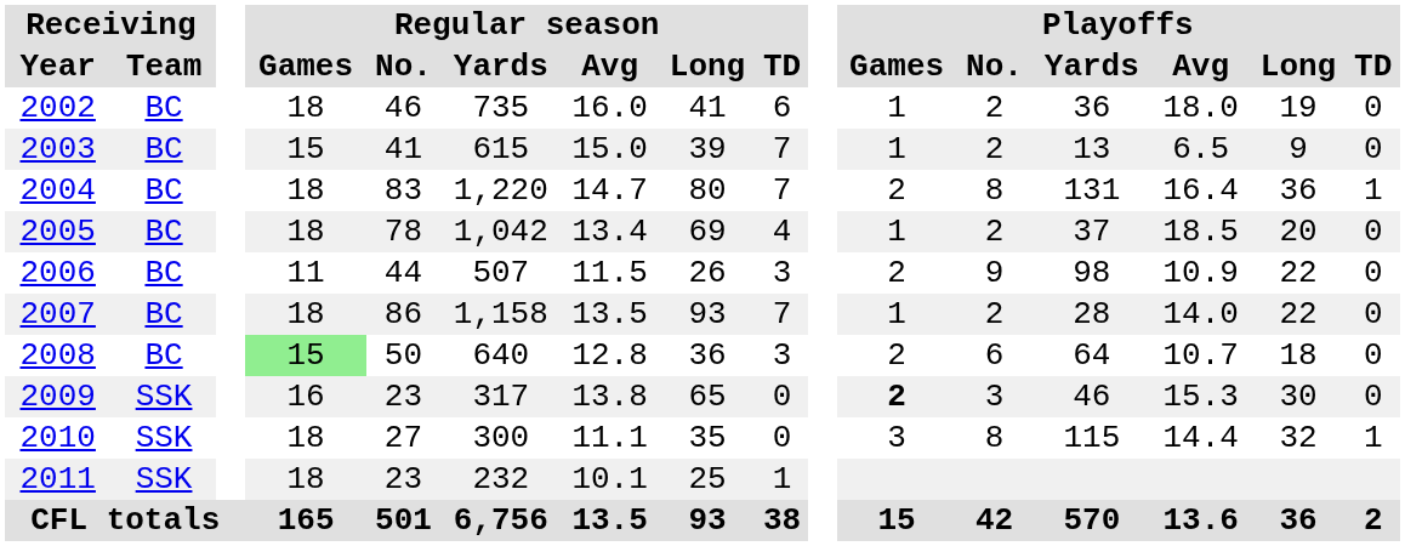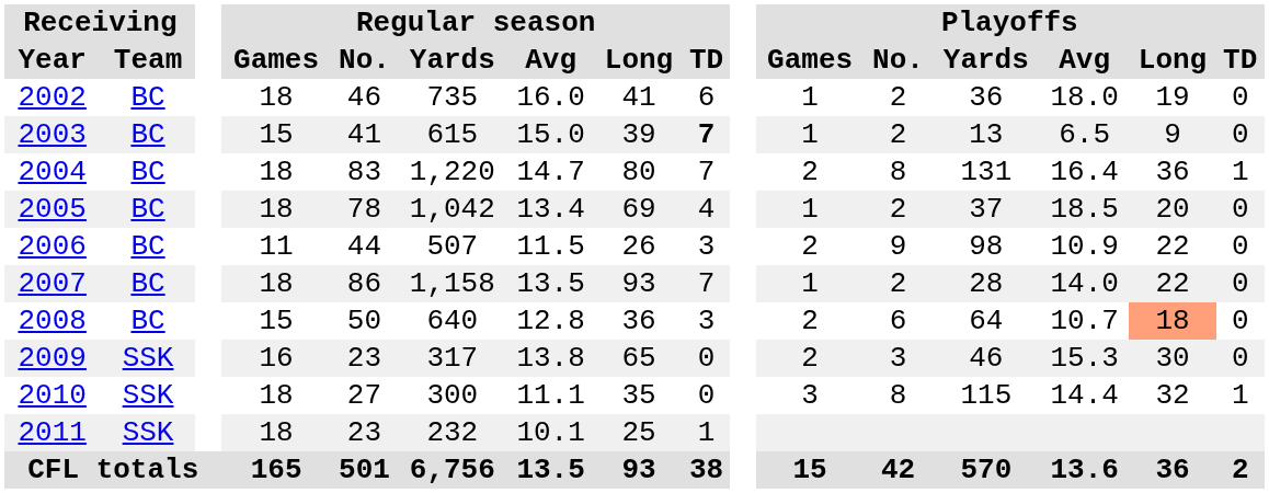 <table BORDER="0" CELLPADDING="1" CELLSPACING="0" width="65%" style="text-align:center">
 <tr bgcolor="#e0e0e0">
 <th colspan="2">Receiving</th>
 <th rowspan="99" bgcolor="#ffffff"> </th>
 <th colspan="6">Regular season</th>
 <th rowspan="99" bgcolor="#ffffff"> </th>
 <th colspan="6">Playoffs</th>
 </tr>
 <tr bgcolor="#e0e0e0">
 <th>Year</th>
 <th>Team</th>
 <th>Games</th>
 <th>No.</th>
 <th>Yards</th>
 <th>Avg</th>
 <th>Long</th>
 <th>TD</th>
 <th>Games</th>
 <th>No.</th>
 <th>Yards</th>
 <th>Avg</th>
 <th>Long</th>
 <th>TD</th>
 </tr>
 <tr ALIGN="center">
 <td><a href='#'>2002</a></td>
 <td><a href='#'>BC</a></td>
 <td>18</td>
 <td>46</td>
 <td>735</td>
 <td>16.0</td>
 <td>41</td>
 <td>6</td>
 <td>1</td>
 <td>2</td>
 <td>36</td>
 <td>18.0</td>
 <td>19</td>
 <td>0</td>
 </tr>
 <tr ALIGN="center" bgcolor="#f0f0f0">
 <td><a href='#'>2003</a></td>
 <td><a href='#'>BC</a></td>
 <td>15</td>
 <td>41</td>
 <td>615</td>
 <td>15.0</td>
 <td>39</td>
-<td>7</td>
+<td><strong>7</strong></td>
 <td>1</td>
 <td>2</td>
 <td>13</td>
 <td>6.5</td>
 <td>9</td>
 <td>0</td>
 </tr>
 <tr ALIGN="center">
 <td><a href='#'>2004</a></td>
 <td><a href='#'>BC</a></td>
 <td>18</td>
 <td>83</td>
 <td>1,220</td>
 <td>14.7</td>
 <td>80</td>
 <td>7</td>
 <td>2</td>
 <td>8</td>
 <td>131</td>
 <td>16.4</td>
 <td>36</td>
 <td>1</td>
 </tr>
 <tr ALIGN="center" bgcolor="#f0f0f0">
 <td><a href='#'>2005</a></td>
 <td><a href='#'>BC</a></td>
 <td>18</td>
 <td>78</td>
 <td>1,042</td>
 <td>13.4</td>
 <td>69</td>
 <td>4</td>
 <td>1</td>
 <td>2</td>
 <td>37</td>
 <td>18.5</td>
 <td>20</td>
 <td>0</td>
 </tr>
 <tr ALIGN="center">
 <td><a href='#'>2006</a></td>
 <td><a href='#'>BC</a></td>
 <td>11</td>
 <td>44</td>
 <td>507</td>
 <td>11.5</td>
 <td>26</td>
 <td>3</td>
 <td>2</td>
 <td>9</td>
 <td>98</td>
 <td>10.9</td>
 <td>22</td>
 <td>0</td>
 </tr>
 <tr ALIGN="center" bgcolor="#f0f0f0">
 <td><a href='#'>2007</a></td>
 <td><a href='#'>BC</a></td>
 <td>18</td>
 <td>86</td>
 <td>1,158</td>
 <td>13.5</td>
 <td>93</td>
 <td>7</td>
 <td>1</td>
 <td>2</td>
 <td>28</td>
 <td>14.0</td>
 <td>22</td>
 <td>0</td>
 </tr>
 <tr ALIGN="center">
 <td><a href='#'>2008</a></td>
 <td><a href='#'>BC</a></td>
-<td style="background: lightgreen;">15</td>
+<td>15</td>
 <td>50</td>
 <td>640</td>
 <td>12.8</td>
 <td>36</td>
 <td>3</td>
 <td>2</td>
 <td>6</td>
 <td>64</td>
 <td>10.7</td>
-<td>18</td>
+<td style="background: lightsalmon;">18</td>
 <td>0</td>
 </tr>
 <tr ALIGN="center" bgcolor="#f0f0f0">
 <td><a href='#'>2009</a></td>
 <td><a href='#'>SSK</a></td>
 <td>16</td>
 <td>23</td>
 <td>317</td>
 <td>13.8</td>
 <td>65</td>
 <td>0</td>
-<td><strong>2</strong></td>
+<td>2</td>
 <td>3</td>
 <td>46</td>
 <td>15.3</td>
 <td>30</td>
 <td>0</td>
 </tr>
 <tr ALIGN="center">
 <td><a href='#'>2010</a></td>
 <td><a href='#'>SSK</a></td>
 <td>18</td>
 <td>27</td>
 <td>300</td>
 <td>11.1</td>
 <td>35</td>
 <td>0</td>
 <td>3</td>
 <td>8</td>
 <td>115</td>
 <td>14.4</td>
 <td>32</td>
 <td>1</td>
 </tr>
 <tr ALIGN="center" bgcolor="#f0f0f0">
 <td><a href='#'>2011</a></td>
 <td><a href='#'>SSK</a></td>
 <td>18</td>
 <td>23</td>
 <td>232</td>
 <td>10.1</td>
 <td>25</td>
 <td>1</td>
 <td></td>
 <td></td>
 <td></td>
 <td></td>
 <td></td>
 <td></td>
 </tr>
 <tr bgcolor="#e0e0e0">
 <th colspan="3">CFL totals</th>
 <th>165</th>
 <th>501</th>
 <th>6,756</th>
 <th>13.5</th>
 <th>93</th>
 <th>38</th>
 <th>15</th>
 <th>42</th>
 <th>570</th>
 <th>13.6</th>
 <th>36</th>
 <th>2</th>
 </tr>
 </table>
